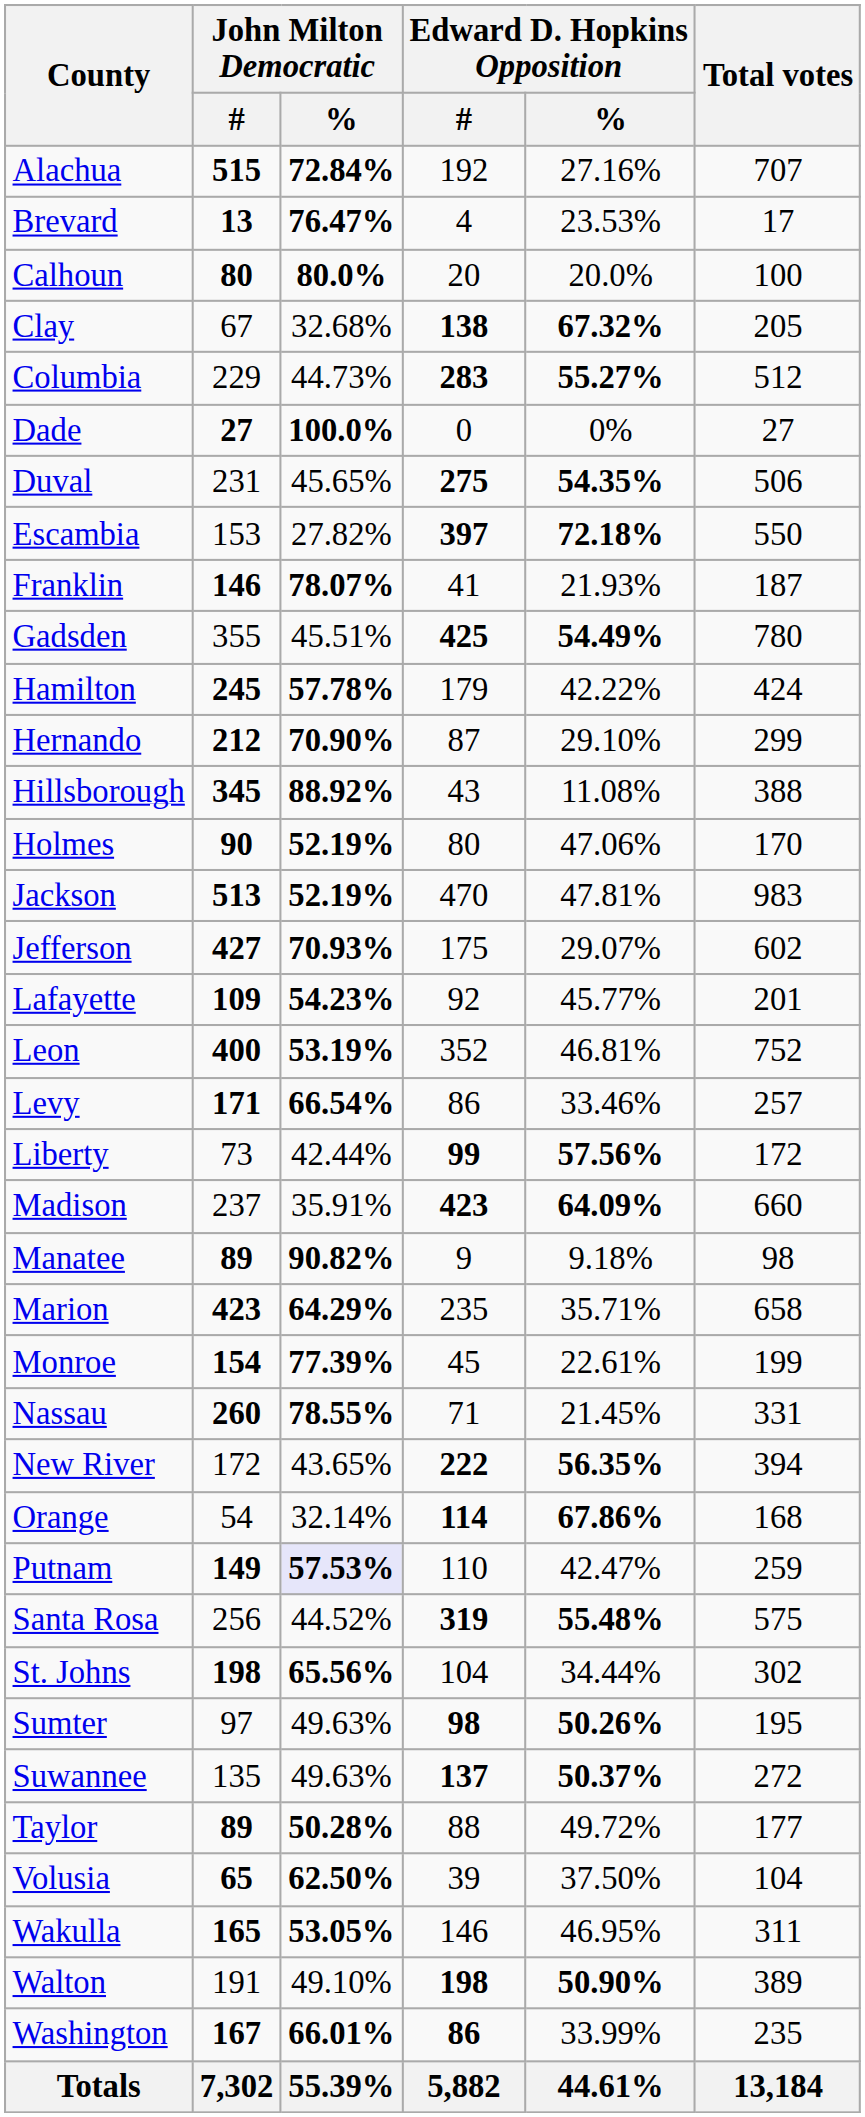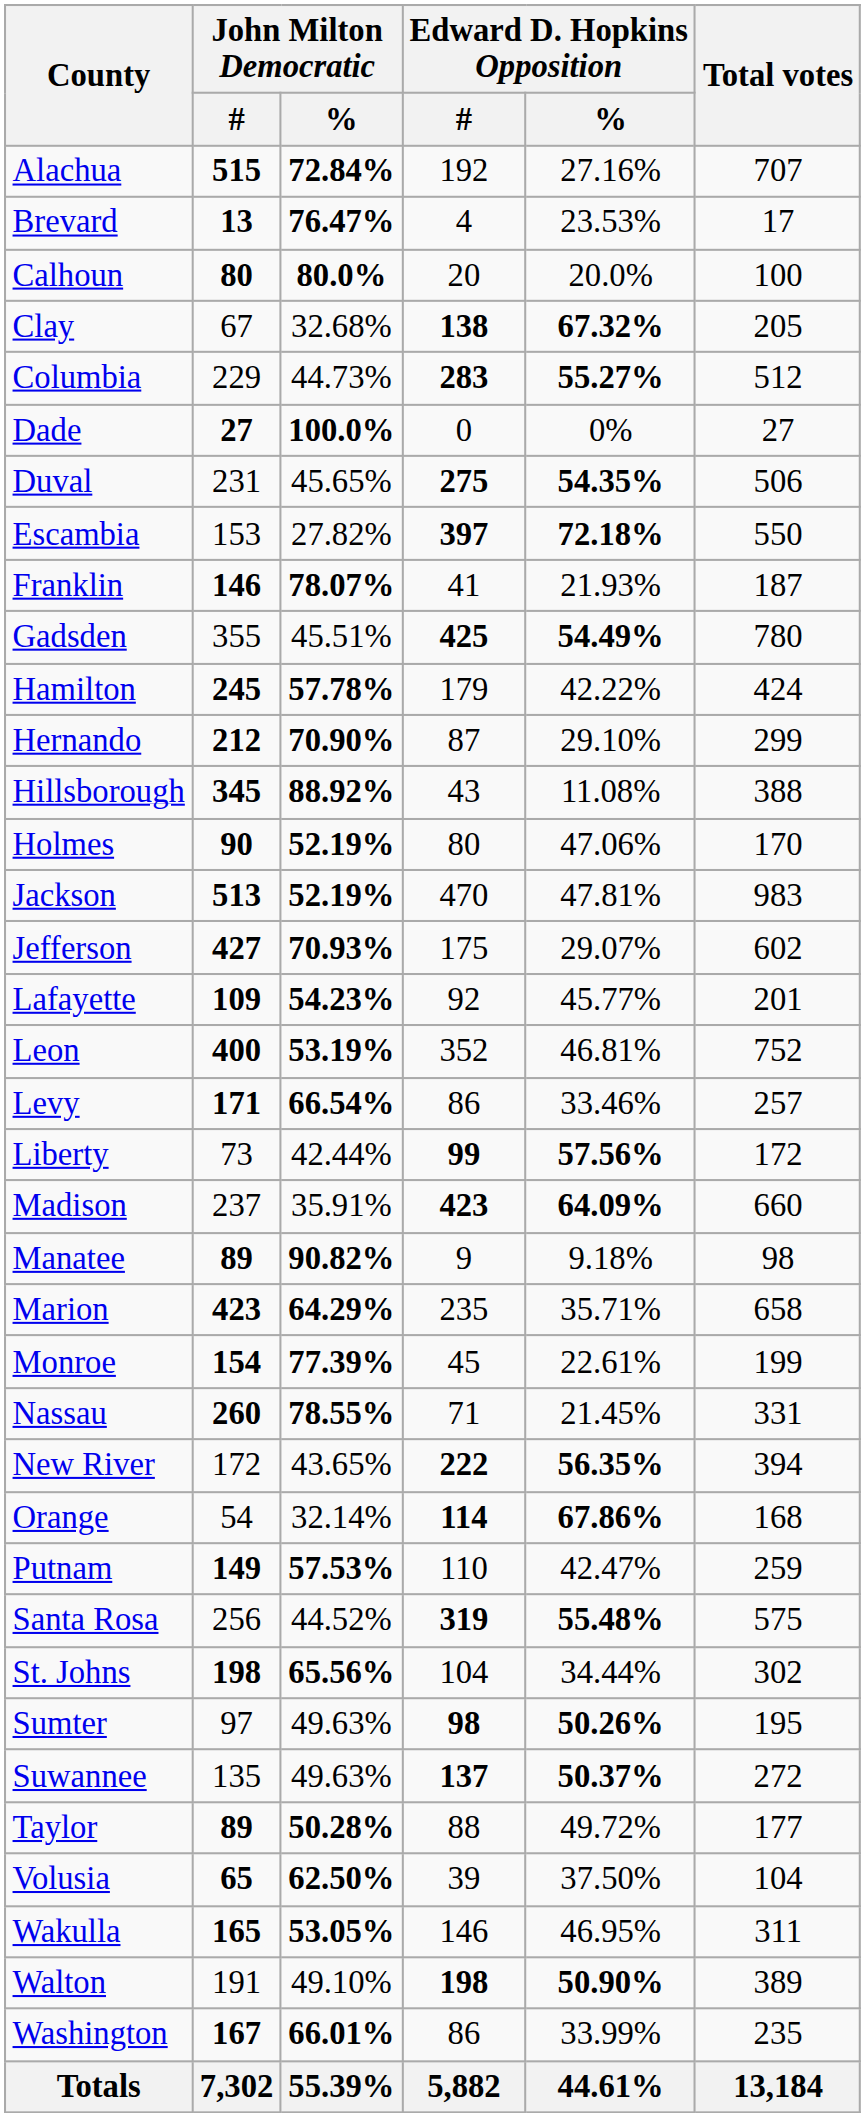 <table class="wikitable sortable">
 <tr>
 <th rowspan="2">County</th>
 <th colspan="2" style="text-align: center;" >John Milton <br> <em>Democratic</em></th>
 <th colspan="2" style="text-align: center;" >Edward D. Hopkins <br><em>Opposition</em></th>
 <th rowspan="2">Total votes</th>
 </tr>
 <tr>
 <th colspan="1" style="text-align: center;" >#</th>
 <th colspan="1" style="text-align: center;" >%</th>
 <th colspan="1" style="text-align: center;" >#</th>
 <th colspan="1" style="text-align: center;" >%</th>
 </tr>
 <tr>
 <td><a href='#'>Alachua</a></td>
 <td align="center"><strong>515</strong></td>
 <td align="center"><strong>72.84%</strong></td>
 <td align="center">192</td>
 <td align="center">27.16%</td>
 <td align="center">707</td>
 </tr>
 <tr>
 <td><a href='#'>Brevard</a></td>
 <td align="center"><strong>13</strong></td>
 <td align="center"><strong>76.47%</strong></td>
 <td align="center">4</td>
 <td align="center">23.53%</td>
 <td align="center">17</td>
 </tr>
 <tr>
 <td><a href='#'>Calhoun</a></td>
 <td align="center"><strong>80</strong></td>
 <td align="center"><strong>80.0%</strong></td>
 <td align="center">20</td>
 <td align="center">20.0%</td>
 <td align="center">100</td>
 </tr>
 <tr>
 <td><a href='#'>Clay</a></td>
 <td align="center">67</td>
 <td align="center">32.68%</td>
 <td align="center"><strong>138</strong></td>
 <td align="center"><strong>67.32%</strong></td>
 <td align="center">205</td>
 </tr>
 <tr>
 <td><a href='#'>Columbia</a></td>
 <td align="center">229</td>
 <td align="center">44.73%</td>
 <td align="center"><strong>283</strong></td>
 <td align="center"><strong>55.27%</strong></td>
 <td align="center">512</td>
 </tr>
 <tr>
 <td><a href='#'>Dade</a></td>
 <td align="center"><strong>27</strong></td>
 <td align="center"><strong>100.0%</strong></td>
 <td align="center">0</td>
 <td align="center">0%</td>
 <td align="center">27</td>
 </tr>
 <tr>
 <td><a href='#'>Duval</a></td>
 <td align="center">231</td>
 <td align="center">45.65%</td>
 <td align="center"><strong>275</strong></td>
 <td align="center"><strong>54.35%</strong></td>
 <td align="center">506</td>
 </tr>
 <tr>
 <td><a href='#'>Escambia</a></td>
 <td align="center">153</td>
 <td align="center">27.82%</td>
 <td align="center"><strong>397</strong></td>
 <td align="center"><strong>72.18%</strong></td>
 <td align="center">550</td>
 </tr>
 <tr>
 <td><a href='#'>Franklin</a></td>
 <td align="center"><strong>146</strong></td>
 <td align="center"><strong>78.07%</strong></td>
 <td align="center">41</td>
 <td align="center">21.93%</td>
 <td align="center">187</td>
 </tr>
 <tr>
 <td><a href='#'>Gadsden</a></td>
 <td align="center">355</td>
 <td align="center">45.51%</td>
 <td align="center"><strong>425</strong></td>
 <td align="center"><strong>54.49%</strong></td>
 <td align="center">780</td>
 </tr>
 <tr>
 <td><a href='#'>Hamilton</a></td>
 <td align="center"><strong>245</strong></td>
 <td align="center"><strong>57.78%</strong></td>
 <td align="center">179</td>
 <td align="center">42.22%</td>
 <td align="center">424</td>
 </tr>
 <tr>
 <td><a href='#'>Hernando</a></td>
 <td align="center"><strong>212</strong></td>
 <td align="center"><strong>70.90%</strong></td>
 <td align="center">87</td>
 <td align="center">29.10%</td>
 <td align="center">299</td>
 </tr>
 <tr>
 <td><a href='#'>Hillsborough</a></td>
 <td align="center"><strong>345</strong></td>
 <td align="center"><strong>88.92%</strong></td>
 <td align="center">43</td>
 <td align="center">11.08%</td>
 <td align="center">388</td>
 </tr>
 <tr>
 <td><a href='#'>Holmes</a></td>
 <td align="center"><strong>90</strong></td>
 <td align="center"><strong>52.19%</strong></td>
 <td align="center">80</td>
 <td align="center">47.06%</td>
 <td align="center">170</td>
 </tr>
 <tr>
 <td><a href='#'>Jackson</a></td>
 <td align="center"><strong>513</strong></td>
 <td align="center"><strong>52.19%</strong></td>
 <td align="center">470</td>
 <td align="center">47.81%</td>
 <td align="center">983</td>
 </tr>
 <tr>
 <td><a href='#'>Jefferson</a></td>
 <td align="center"><strong>427</strong></td>
 <td align="center"><strong>70.93%</strong></td>
 <td align="center">175</td>
 <td align="center">29.07%</td>
 <td align="center">602</td>
 </tr>
 <tr>
 <td><a href='#'>Lafayette</a></td>
 <td align="center"><strong>109</strong></td>
 <td align="center"><strong>54.23%</strong></td>
 <td align="center">92</td>
 <td align="center">45.77%</td>
 <td align="center">201</td>
 </tr>
 <tr>
 <td><a href='#'>Leon</a></td>
 <td align="center"><strong>400</strong></td>
 <td align="center"><strong>53.19%</strong></td>
 <td align="center">352</td>
 <td align="center">46.81%</td>
 <td align="center">752</td>
 </tr>
 <tr>
 <td><a href='#'>Levy</a></td>
 <td align="center"><strong>171</strong></td>
 <td align="center"><strong>66.54%</strong></td>
 <td align="center">86</td>
 <td align="center">33.46%</td>
 <td align="center">257</td>
 </tr>
 <tr>
 <td><a href='#'>Liberty</a></td>
 <td align="center">73</td>
 <td align="center">42.44%</td>
 <td align="center"><strong>99</strong></td>
 <td align="center"><strong>57.56%</strong></td>
 <td align="center">172</td>
 </tr>
 <tr>
 <td><a href='#'>Madison</a></td>
 <td align="center">237</td>
 <td align="center">35.91%</td>
 <td align="center"><strong>423</strong></td>
 <td align="center"><strong>64.09%</strong></td>
 <td align="center">660</td>
 </tr>
 <tr>
 <td><a href='#'>Manatee</a></td>
 <td align="center"><strong>89</strong></td>
 <td align="center"><strong>90.82%</strong></td>
 <td align="center">9</td>
 <td align="center">9.18%</td>
 <td align="center">98</td>
 </tr>
 <tr>
 <td><a href='#'>Marion</a></td>
 <td align="center"><strong>423</strong></td>
 <td align="center"><strong>64.29%</strong></td>
 <td align="center">235</td>
 <td align="center">35.71%</td>
 <td align="center">658</td>
 </tr>
 <tr>
 <td><a href='#'>Monroe</a></td>
 <td align="center"><strong>154</strong></td>
 <td align="center"><strong>77.39%</strong></td>
 <td align="center">45</td>
 <td align="center">22.61%</td>
 <td align="center">199</td>
 </tr>
 <tr>
 <td><a href='#'>Nassau</a></td>
 <td align="center"><strong>260</strong></td>
 <td align="center"><strong>78.55%</strong></td>
 <td align="center">71</td>
 <td align="center">21.45%</td>
 <td align="center">331</td>
 </tr>
 <tr>
 <td><a href='#'>New River</a></td>
 <td align="center">172</td>
 <td align="center">43.65%</td>
 <td align="center"><strong>222</strong></td>
 <td align="center"><strong>56.35%</strong></td>
 <td align="center">394</td>
 </tr>
 <tr>
 <td><a href='#'>Orange</a></td>
 <td align="center">54</td>
 <td align="center">32.14%</td>
 <td align="center"><strong>114</strong></td>
 <td align="center"><strong>67.86%</strong></td>
 <td align="center">168</td>
 </tr>
 <tr>
 <td><a href='#'>Putnam</a></td>
 <td align="center"><strong>149</strong></td>
-<td align="center" style="background: lavender;"><strong>57.53%</strong></td>
+<td align="center"><strong>57.53%</strong></td>
 <td align="center">110</td>
 <td align="center">42.47%</td>
 <td align="center">259</td>
 </tr>
 <tr>
 <td><a href='#'>Santa Rosa</a></td>
 <td align="center">256</td>
 <td align="center">44.52%</td>
 <td align="center"><strong>319</strong></td>
 <td align="center"><strong>55.48%</strong></td>
 <td align="center">575</td>
 </tr>
 <tr>
 <td><a href='#'>St. Johns</a></td>
 <td align="center"><strong>198</strong></td>
 <td align="center"><strong>65.56%</strong></td>
 <td align="center">104</td>
 <td align="center">34.44%</td>
 <td align="center">302</td>
 </tr>
 <tr>
 <td><a href='#'>Sumter</a></td>
 <td align="center">97</td>
 <td align="center">49.63%</td>
 <td align="center"><strong>98</strong></td>
 <td align="center"><strong>50.26%</strong></td>
 <td align="center">195</td>
 </tr>
 <tr>
 <td><a href='#'>Suwannee</a></td>
 <td align="center">135</td>
 <td align="center">49.63%</td>
 <td align="center"><strong>137</strong></td>
 <td align="center"><strong>50.37%</strong></td>
 <td align="center">272</td>
 </tr>
 <tr>
 <td><a href='#'>Taylor</a></td>
 <td align="center"><strong>89</strong></td>
 <td align="center"><strong>50.28%</strong></td>
 <td align="center">88</td>
 <td align="center">49.72%</td>
 <td align="center">177</td>
 </tr>
 <tr>
 <td><a href='#'>Volusia</a></td>
 <td align="center"><strong>65</strong></td>
 <td align="center"><strong>62.50%</strong></td>
 <td align="center">39</td>
 <td align="center">37.50%</td>
 <td align="center">104</td>
 </tr>
 <tr>
 <td><a href='#'>Wakulla</a></td>
 <td align="center"><strong>165</strong></td>
 <td align="center"><strong>53.05%</strong></td>
 <td align="center">146</td>
 <td align="center">46.95%</td>
 <td align="center">311</td>
 </tr>
 <tr>
 <td><a href='#'>Walton</a></td>
 <td align="center">191</td>
 <td align="center">49.10%</td>
 <td align="center"><strong>198</strong></td>
 <td align="center"><strong>50.90%</strong></td>
 <td align="center">389</td>
 </tr>
 <tr>
 <td><a href='#'>Washington</a></td>
 <td align="center"><strong>167</strong></td>
 <td align="center"><strong>66.01%</strong></td>
-<td align="center"><strong>86</strong></td>
+<td align="center">86</td>
 <td align="center">33.99%</td>
 <td align="center">235</td>
 </tr>
 <tr>
 <th>Totals</th>
 <th><strong>7,302</strong></th>
 <th><strong>55.39%</strong></th>
 <th><strong>5,882</strong></th>
 <th><strong>44.61%</strong></th>
 <th>13,184</th>
 </tr>
 </table>
